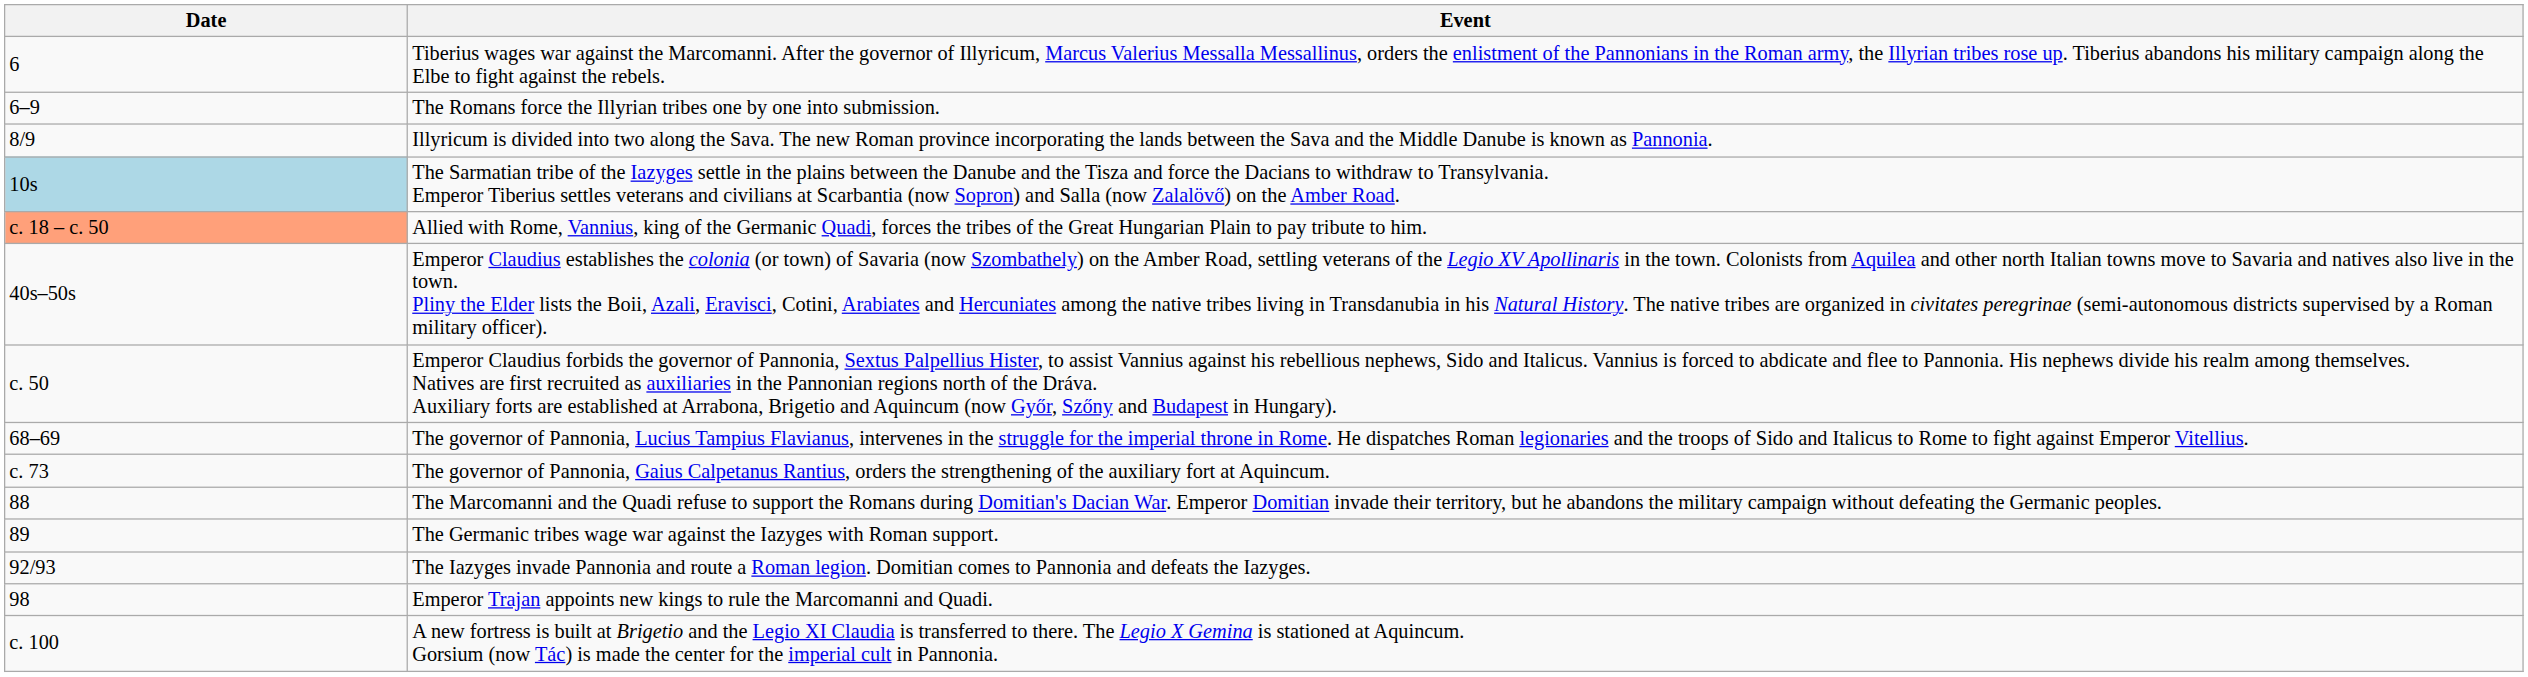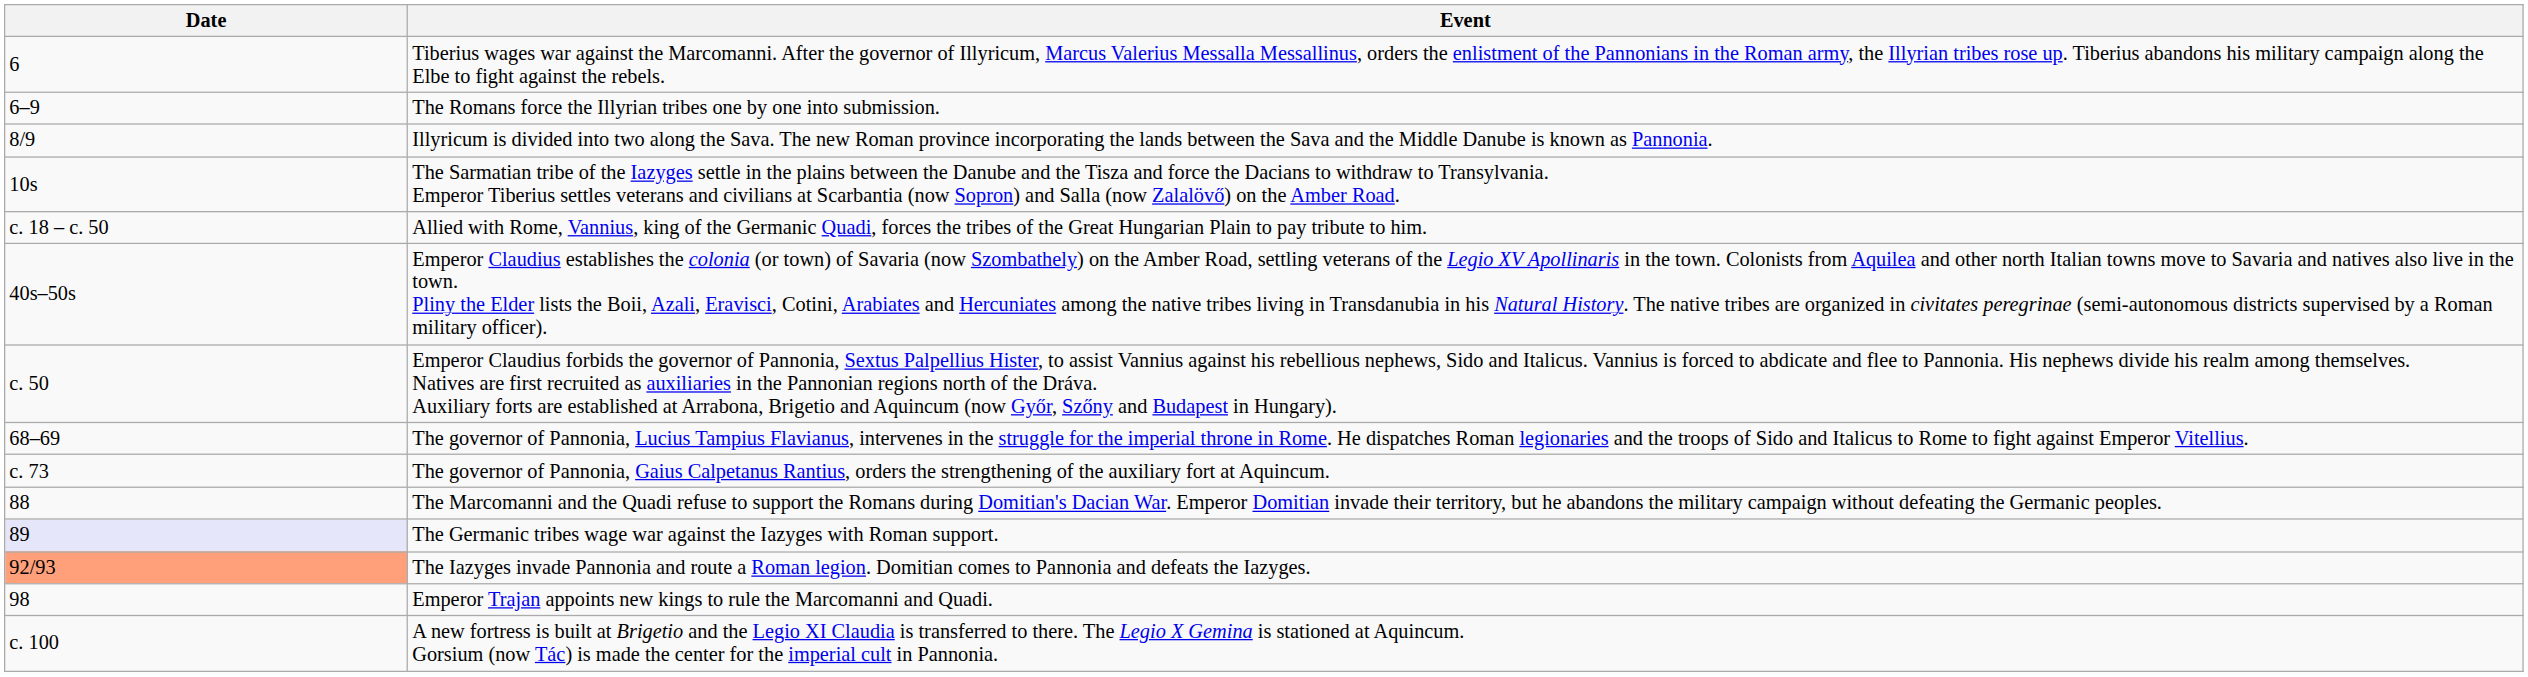 <table class="wikitable" width="100%">
 <tr>
 <th width="16%">Date</th>
 <th width="84%">Event</th>
 </tr>
 <tr>
 <td>6</td>
 <td>Tiberius wages war against the Marcomanni. After the governor of Illyricum, <a href='#'>Marcus Valerius Messalla Messallinus</a>, orders the <a href='#'>enlistment of the Pannonians in the Roman army</a>, the <a href='#'>Illyrian tribes rose up</a>. Tiberius abandons his military campaign along the Elbe to fight against the rebels.</td>
 </tr>
 <tr>
 <td>6–9</td>
 <td>The Romans force the Illyrian tribes one by one into submission.</td>
 </tr>
 <tr>
 <td>8/9</td>
 <td>Illyricum is divided into two along the Sava. The new Roman province incorporating the lands between the Sava and the Middle Danube is known as <a href='#'>Pannonia</a>.</td>
 </tr>
 <tr>
-<td style="background: lightblue;">10s</td>
+<td>10s</td>
 <td>The Sarmatian tribe of the <a href='#'>Iazyges</a> settle in the plains between the Danube and the Tisza and force the Dacians to withdraw to Transylvania.<br>Emperor Tiberius settles veterans and civilians at Scarbantia (now <a href='#'>Sopron</a>) and Salla (now <a href='#'>Zalalövő</a>) on the <a href='#'>Amber Road</a>.</td>
 </tr>
 <tr>
-<td style="background: lightsalmon;">c. 18 – c. 50</td>
+<td>c. 18 – c. 50</td>
 <td>Allied with Rome, <a href='#'>Vannius</a>, king of the Germanic <a href='#'>Quadi</a>, forces the tribes of the Great Hungarian Plain to pay tribute to him.</td>
 </tr>
 <tr>
 <td>40s–50s</td>
 <td>Emperor <a href='#'>Claudius</a> establishes the <em><a href='#'>colonia</a></em> (or town) of Savaria (now <a href='#'>Szombathely</a>) on the Amber Road, settling veterans of the <em><a href='#'>Legio XV Apollinaris</a></em> in the town. Colonists from <a href='#'>Aquilea</a> and other north Italian towns move to Savaria and natives also live in the town.<br><a href='#'>Pliny the Elder</a> lists the Boii, <a href='#'>Azali</a>, <a href='#'>Eravisci</a>, Cotini, <a href='#'>Arabiates</a> and <a href='#'>Hercuniates</a> among the native tribes living in Transdanubia in his <em><a href='#'>Natural History</a></em>. The native tribes are organized in <em>civitates peregrinae</em> (semi-autonomous districts supervised by a Roman military officer).</td>
 </tr>
 <tr>
 <td>c. 50</td>
 <td>Emperor Claudius forbids the governor of Pannonia, <a href='#'>Sextus Palpellius Hister</a>, to assist Vannius against his rebellious nephews, Sido and Italicus. Vannius is forced to abdicate and flee to Pannonia. His nephews divide his realm among themselves.<br>Natives are first recruited as <a href='#'>auxiliaries</a> in the Pannonian regions north of the Dráva.<br>Auxiliary forts are established at Arrabona, Brigetio and Aquincum (now <a href='#'>Győr</a>, <a href='#'>Szőny</a> and <a href='#'>Budapest</a> in Hungary).</td>
 </tr>
 <tr>
 <td>68–69</td>
 <td>The governor of Pannonia, <a href='#'>Lucius Tampius Flavianus</a>, intervenes in the <a href='#'>struggle for the imperial throne in Rome</a>. He dispatches Roman <a href='#'>legionaries</a> and the troops of Sido and Italicus to Rome to fight against Emperor <a href='#'>Vitellius</a>.</td>
 </tr>
 <tr>
 <td>c. 73</td>
 <td>The governor of Pannonia, <a href='#'>Gaius Calpetanus Rantius</a>, orders the strengthening of the auxiliary fort at Aquincum.</td>
 </tr>
 <tr>
 <td>88</td>
 <td>The Marcomanni and the Quadi refuse to support the Romans during <a href='#'>Domitian's Dacian War</a>. Emperor <a href='#'>Domitian</a> invade their territory, but he abandons the military campaign without defeating the Germanic peoples.</td>
 </tr>
 <tr>
-<td>89</td>
+<td style="background: lavender;">89</td>
 <td>The Germanic tribes wage war against the Iazyges with Roman support.</td>
 </tr>
 <tr>
-<td>92/93</td>
+<td style="background: lightsalmon;">92/93</td>
 <td>The Iazyges invade Pannonia and route a <a href='#'>Roman legion</a>. Domitian comes to Pannonia and defeats the Iazyges.</td>
 </tr>
 <tr>
 <td>98</td>
 <td>Emperor <a href='#'>Trajan</a> appoints new kings to rule the Marcomanni and Quadi.</td>
 </tr>
 <tr>
 <td>c. 100</td>
 <td>A new fortress is built at <em>Brigetio</em> and the <a href='#'>Legio XI Claudia</a> is transferred to there. The <em><a href='#'>Legio X Gemina</a></em> is stationed at Aquincum.<br>Gorsium (now <a href='#'>Tác</a>) is made the center for the <a href='#'>imperial cult</a> in Pannonia.</td>
 </tr>
 </table>
